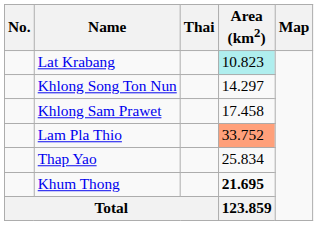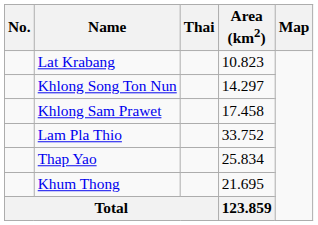 <table class="wikitable sortable">
 <tr>
 <th>No.</th>
 <th>Name</th>
 <th>Thai</th>
 <th>Area<br>(km<sup>2</sup>)</th>
 <th>Map</th>
 </tr>
 <tr>
 <td></td>
 <td><a href='#'>Lat Krabang</a></td>
 <td></td>
-<td style="background: paleturquoise;"><div>10.823</div></td>
+<td><div>10.823</div></td>
 <td rowspan=7></td>
 </tr>
 <tr>
 <td></td>
 <td><a href='#'>Khlong Song Ton Nun</a></td>
 <td></td>
 <td><div>14.297</div></td>
 </tr>
 <tr>
 <td></td>
 <td><a href='#'>Khlong Sam Prawet</a></td>
 <td></td>
 <td><div>17.458</div></td>
 </tr>
 <tr>
 <td></td>
 <td><a href='#'>Lam Pla Thio</a></td>
 <td></td>
-<td style="background: lightsalmon;"><div>33.752</div></td>
+<td><div>33.752</div></td>
 </tr>
 <tr>
 <td></td>
 <td><a href='#'>Thap Yao</a></td>
 <td></td>
 <td><div>25.834</div></td>
 </tr>
 <tr>
 <td></td>
 <td><a href='#'>Khum Thong</a></td>
 <td></td>
-<td><strong><div>21.695</div></strong></td>
+<td><div>21.695</div></td>
 </tr>
 <tr>
 <th colspan=3>Total</th>
 <th><div>123.859</div></th>
 </tr>
 </table>
